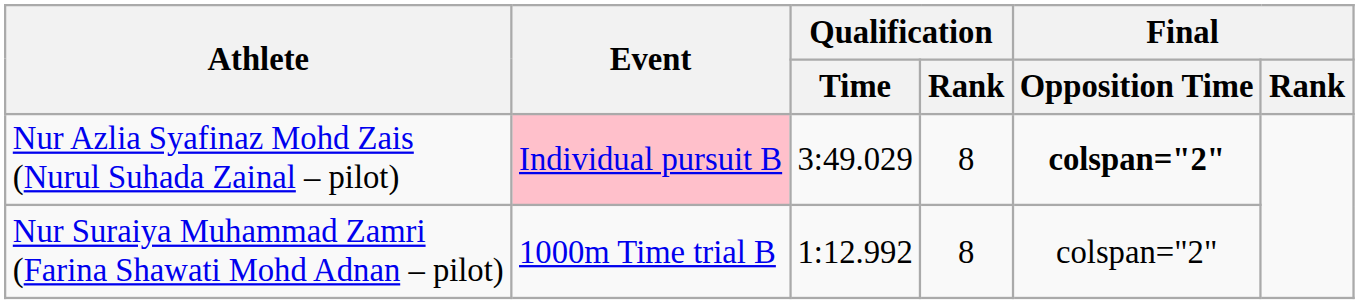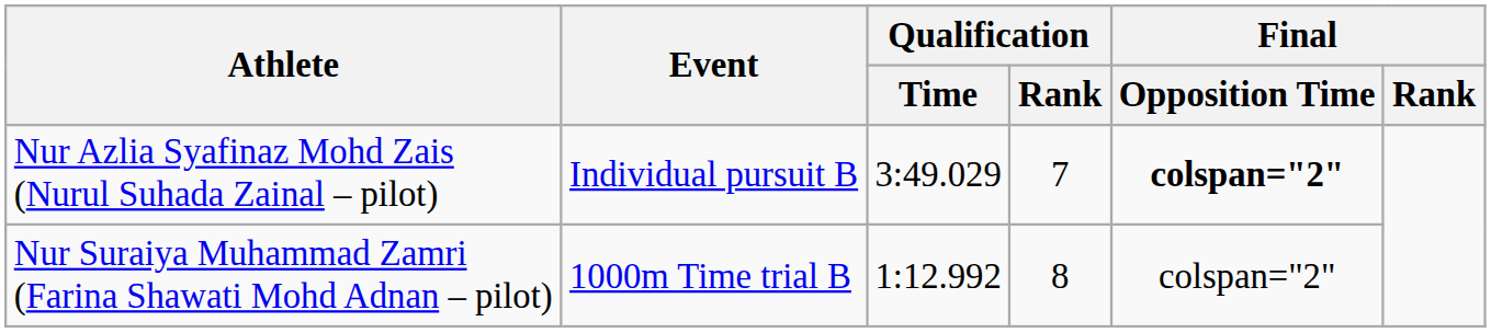 <table class="wikitable" style="font-size:90%">
 <tr>
 <th rowspan="2">Athlete</th>
 <th rowspan="2">Event</th>
 <th colspan="2">Qualification</th>
 <th colspan="2">Final</th>
 </tr>
 <tr>
 <th>Time</th>
 <th>Rank</th>
 <th>Opposition Time</th>
 <th>Rank</th>
 </tr>
 <tr align="center">
 <td align="left"><a href='#'>Nur Azlia Syafinaz Mohd Zais</a><br>(<a href='#'>Nurul Suhada Zainal</a> – pilot)</td>
-<td align="left" style="background: pink;"><a href='#'>Individual pursuit B</a></td>
+<td align="left"><a href='#'>Individual pursuit B</a></td>
 <td>3:49.029</td>
-<td>8</td>
+<td>7</td>
 <td><strong>colspan="2" </strong></td>
 </tr>
 <tr align="center">
 <td align="left"><a href='#'>Nur Suraiya Muhammad Zamri</a><br>(<a href='#'>Farina Shawati Mohd Adnan</a> – pilot)</td>
 <td align="left"><a href='#'>1000m Time trial B</a></td>
 <td>1:12.992</td>
 <td>8</td>
 <td>colspan="2" </td>
 </tr>
 </table>
